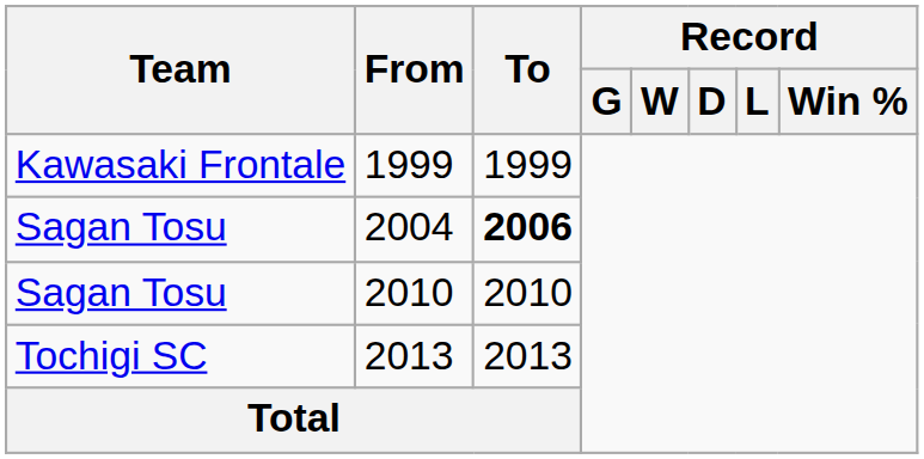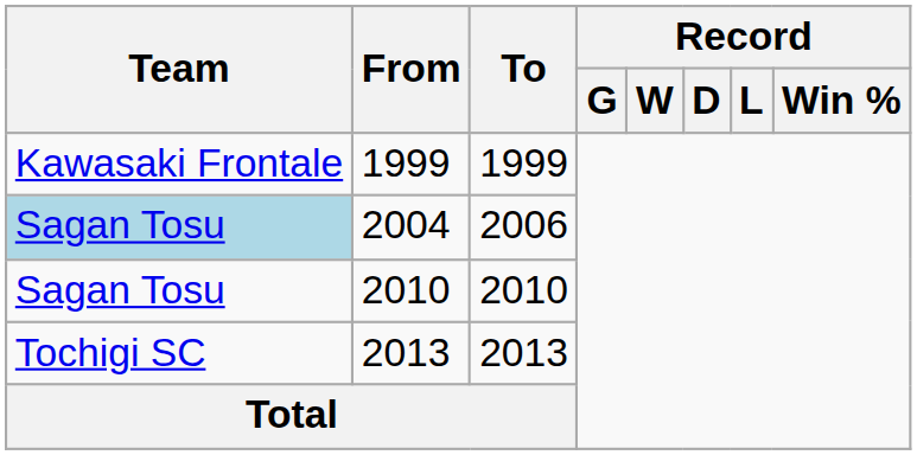 <table class="wikitable" style="text-align: center">
 <tr>
 <th rowspan="2">Team</th>
 <th rowspan="2">From</th>
 <th rowspan="2">To</th>
 <th colspan="5">Record</th>
 </tr>
 <tr>
 <th>G</th>
 <th>W</th>
 <th>D</th>
 <th>L</th>
 <th>Win %</th>
 </tr>
 <tr>
 <td align="left"><a href='#'>Kawasaki Frontale</a></td>
 <td align="left">1999</td>
 <td align="left">1999<br></td>
 </tr>
 <tr>
-<td align="left"><a href='#'>Sagan Tosu</a></td>
+<td align="left" style="background: lightblue;"><a href='#'>Sagan Tosu</a></td>
 <td align="left">2004</td>
-<td align="left"><strong>2006<br></strong></td>
+<td align="left">2006<br></td>
 </tr>
 <tr>
 <td align="left"><a href='#'>Sagan Tosu</a></td>
 <td align="left">2010</td>
 <td align="left">2010<br></td>
 </tr>
 <tr>
 <td align="left"><a href='#'>Tochigi SC</a></td>
 <td align="left">2013</td>
 <td align="left">2013<br></td>
 </tr>
 <tr>
 <th colspan="3">Total<br></th>
 </tr>
 </table>
